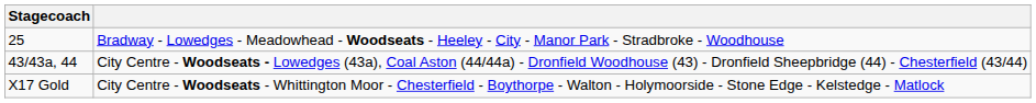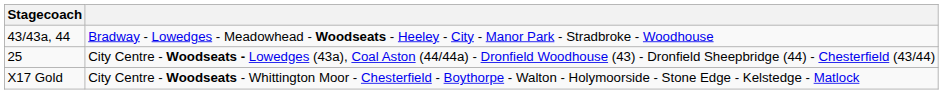 <table class="wikitable">
 <tr>
 <th>Stagecoach</th>
 <th></th>
 </tr>
 <tr>
-<td>25</td>
+<td>43/43a, 44</td>
 <td><a href='#'>Bradway</a> - <a href='#'>Lowedges</a> - Meadowhead - <strong>Woodseats</strong> - <a href='#'>Heeley</a> - <a href='#'>City</a> - <a href='#'>Manor Park</a> - Stradbroke - <a href='#'>Woodhouse</a></td>
 </tr>
 <tr>
-<td>43/43a, 44</td>
+<td>25</td>
 <td>City Centre - <strong>Woodseats -</strong> <a href='#'>Lowedges</a> (43a), <a href='#'>Coal Aston</a> (44/44a) - <a href='#'>Dronfield Woodhouse</a> (43) - Dronfield Sheepbridge (44) - <a href='#'>Chesterfield</a> (43/44)</td>
 </tr>
 <tr>
 <td>X17 Gold</td>
 <td>City Centre - <strong>Woodseats</strong> - Whittington Moor - <a href='#'>Chesterfield</a> - <a href='#'>Boythorpe</a> - Walton - Holymoorside - Stone Edge - Kelstedge - <a href='#'>Matlock</a></td>
 </tr>
 </table>
